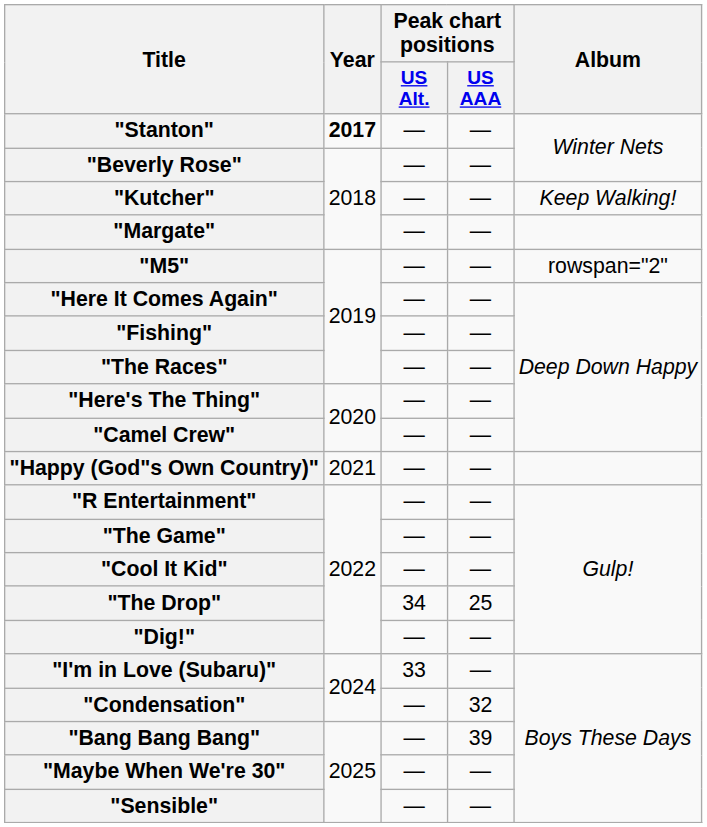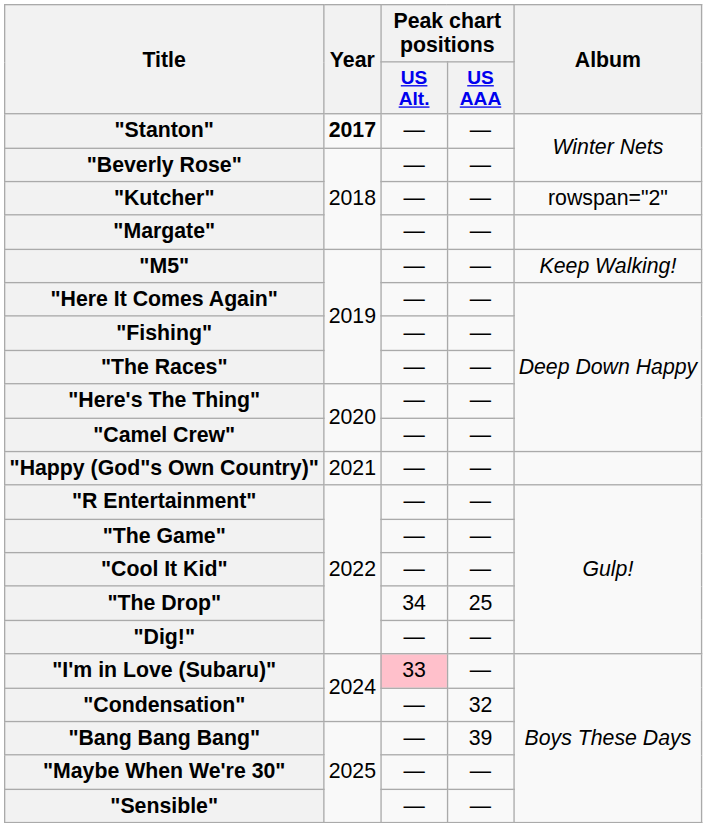 <table class="wikitable plainrowheaders" style="text-align:center;">
 <tr>
 <th scope="col" rowspan="2">Title</th>
 <th scope="col" rowspan="2">Year</th>
 <th colspan="2">Peak chart positions</th>
 <th scope="col" rowspan="2">Album</th>
 </tr>
 <tr>
 <th scope="col" style="width:3em;font-size:90%;"><a href='#'>US<br>Alt.</a><br></th>
 <th scope="col" style="width:3em;font-size:90%;"><a href='#'>US<br>AAA</a><br></th>
 </tr>
 <tr>
 <th scope="row">"Stanton"</th>
 <td><strong>2017</strong></td>
 <td>—</td>
 <td>—</td>
 <td rowspan="2"><em>Winter Nets</em></td>
 </tr>
 <tr>
 <th scope="row">"Beverly Rose"</th>
 <td rowspan="3">2018</td>
 <td>—</td>
 <td>—</td>
 </tr>
 <tr>
 <th scope="row">"Kutcher"</th>
 <td>—</td>
 <td>—</td>
-<td><em>Keep Walking!</em></td>
+<td>rowspan="2" </td>
 </tr>
 <tr>
 <th scope="row">"Margate"</th>
 <td>—</td>
 <td>—</td>
 </tr>
 <tr>
 <th scope="row">"M5"</th>
 <td rowspan="4">2019</td>
 <td>—</td>
 <td>—</td>
-<td>rowspan="2" </td>
+<td><em>Keep Walking!</em></td>
 </tr>
 <tr>
 <th scope="row">"Here It Comes Again"</th>
 <td>—</td>
 <td>—</td>
 <td rowspan="5"><em>Deep Down Happy</em></td>
 </tr>
 <tr>
 <th scope="row">"Fishing"</th>
 <td>—</td>
 <td>—</td>
 </tr>
 <tr>
 <th scope="row">"The Races"</th>
 <td>—</td>
 <td>—</td>
 </tr>
 <tr>
 <th scope="row">"Here's The Thing"</th>
 <td rowspan="2">2020</td>
 <td>—</td>
 <td>—</td>
 </tr>
 <tr>
 <th scope="row">"Camel Crew"</th>
 <td>—</td>
 <td>—</td>
 </tr>
 <tr>
 <th scope="row">"Happy (God"s Own Country)"</th>
 <td>2021</td>
 <td>—</td>
 <td>—</td>
 <td></td>
 </tr>
 <tr>
 <th scope="row">"R Entertainment"</th>
 <td rowspan="5">2022</td>
 <td>—</td>
 <td>—</td>
 <td rowspan="5"><em>Gulp!</em></td>
 </tr>
 <tr>
 <th scope="row">"The Game"</th>
 <td>—</td>
 <td>—</td>
 </tr>
 <tr>
 <th scope="row">"Cool It Kid"</th>
 <td>—</td>
 <td>—</td>
 </tr>
 <tr>
 <th scope="row">"The Drop"</th>
 <td>34</td>
 <td>25</td>
 </tr>
 <tr>
 <th scope="row">"Dig!"</th>
 <td>—</td>
 <td>—</td>
 </tr>
 <tr>
 <th scope="row">"I'm in Love (Subaru)"</th>
 <td rowspan="2">2024</td>
-<td>33</td>
+<td style="background: pink;">33</td>
 <td>—</td>
 <td rowspan="5"><em>Boys These Days</em></td>
 </tr>
 <tr>
 <th scope="row">"Condensation"</th>
 <td>—</td>
 <td>32</td>
 </tr>
 <tr>
 <th scope="row">"Bang Bang Bang"</th>
 <td rowspan="3">2025</td>
 <td>—</td>
 <td>39</td>
 </tr>
 <tr>
 <th scope="row">"Maybe When We're 30"</th>
 <td>—</td>
 <td>—</td>
 </tr>
 <tr>
 <th scope="row">"Sensible"</th>
 <td>—</td>
 <td>—</td>
 </tr>
 <tr>
 </tr>
 </table>
